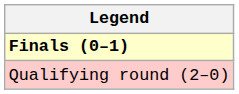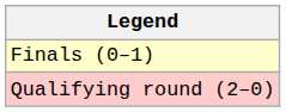 <table class=wikitable style=font-size:90%>
 <tr>
 <th>Legend</th>
 </tr>
 <tr>
-<td bgcolor=ffffcc><strong>Finals (0–1)</strong></td>
+<td bgcolor=ffffcc>Finals (0–1)</td>
 </tr>
 <tr>
 <td bgcolor=ffcccc>Qualifying round (2–0)</td>
 </tr>
 </table>
